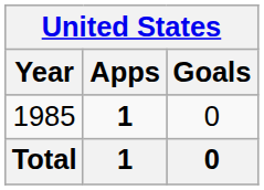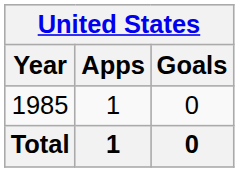 <table class="wikitable" style="text-align:center">
 <tr>
 <th colspan=3><a href='#'>United States</a></th>
 </tr>
 <tr>
 <th>Year</th>
 <th>Apps</th>
 <th>Goals</th>
 </tr>
 <tr>
 <td>1985</td>
-<td><strong>1</strong></td>
+<td>1</td>
 <td>0</td>
 </tr>
 <tr>
 <th>Total</th>
 <th>1</th>
 <th>0</th>
 </tr>
 </table>
